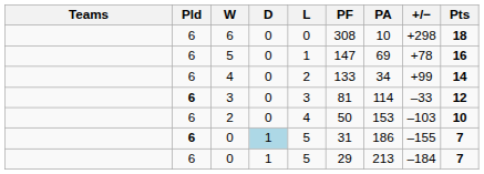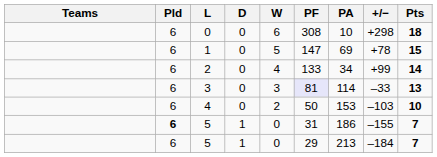 <table class="wikitable" style="text-align: center;">
 <tr>
 <th width="200">Teams</th>
 <th width="40">Pld</th>
+<th width="40">L</th>
+<th width="40">D</th>
 <th width="40">W</th>
-<th width="40">D</th>
-<th width="40">L</th>
 <th width="40">PF</th>
 <th width="40">PA</th>
 <th width="40">+/−</th>
 <th width="40">Pts</th>
 </tr>
 <tr>
 <td align=left></td>
 <td>6</td>
-<td>6</td>
 <td>0</td>
 <td>0</td>
+<td>6</td>
 <td>308</td>
 <td>10</td>
 <td>+298</td>
 <td><strong>18</strong></td>
 </tr>
 <tr>
 <td align=left></td>
 <td>6</td>
+<td>1</td>
+<td>0</td>
 <td>5</td>
-<td>0</td>
-<td>1</td>
 <td>147</td>
 <td>69</td>
 <td>+78</td>
-<td><strong>16</strong></td>
+<td><strong>15</strong></td>
+</tr>
+<tr>
+<td align=left></td>
+<td>6</td>
+<td>2</td>
+<td>0</td>
+<td>4</td>
+<td>133</td>
+<td>34</td>
+<td>+99</td>
+<td><strong>14</strong></td>
+</tr>
+<tr>
+<td align=left></td>
+<td>6</td>
+<td>3</td>
+<td>0</td>
+<td>3</td>
+<td style="background: lavender;">81</td>
+<td>114</td>
+<td>–33</td>
+<td><strong>13</strong></td>
 </tr>
 <tr>
 <td align=left></td>
 <td>6</td>
 <td>4</td>
 <td>0</td>
 <td>2</td>
-<td>133</td>
-<td>34</td>
-<td>+99</td>
-<td><strong>14</strong></td>
-</tr>
-<tr>
-<td align=left></td>
-<td><strong>6</strong></td>
-<td>3</td>
-<td>0</td>
-<td>3</td>
-<td>81</td>
-<td>114</td>
-<td>–33</td>
-<td><strong>12</strong></td>
-</tr>
-<tr>
-<td align=left></td>
-<td>6</td>
-<td>2</td>
-<td>0</td>
-<td>4</td>
 <td>50</td>
 <td>153</td>
 <td>–103</td>
 <td><strong>10</strong></td>
 </tr>
 <tr>
 <td align=left></td>
 <td><strong>6</strong></td>
+<td>5</td>
+<td>1</td>
 <td>0</td>
-<td style="background: lightblue;">1</td>
-<td>5</td>
 <td>31</td>
 <td>186</td>
 <td>–155</td>
 <td><strong>7</strong></td>
 </tr>
 <tr>
 <td align=left></td>
 <td>6</td>
+<td>5</td>
+<td>1</td>
 <td>0</td>
-<td>1</td>
-<td>5</td>
 <td>29</td>
 <td>213</td>
 <td>–184</td>
 <td><strong>7</strong></td>
 </tr>
 </table>
